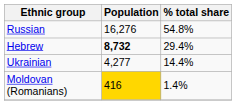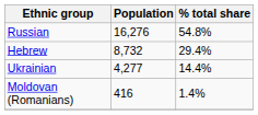 <table class="wikitable sortable">
 <tr>
 <th style="width:140px;">Ethnic group</th>
 <th>Population</th>
 <th>% total share</th>
 </tr>
 <tr>
 <td><a href='#'>Russian</a></td>
 <td>16,276</td>
 <td>54.8%</td>
 </tr>
 <tr>
 <td><a href='#'>Hebrew</a></td>
-<td><strong>8,732</strong></td>
+<td>8,732</td>
 <td>29.4%</td>
 </tr>
 <tr>
 <td><a href='#'>Ukrainian</a></td>
 <td>4,277</td>
 <td>14.4%</td>
 </tr>
 <tr>
 <td><a href='#'>Moldovan</a> (Romanians)</td>
-<td style="background: gold;">416</td>
+<td>416</td>
 <td>1.4%</td>
 </tr>
 <tr>
 </tr>
 </table>
